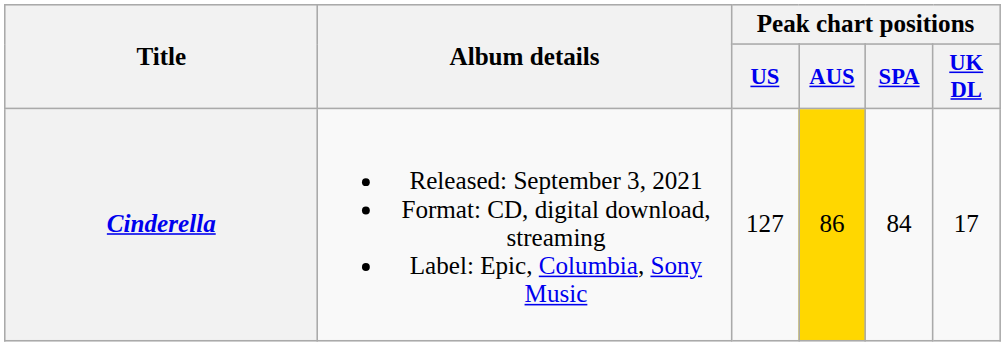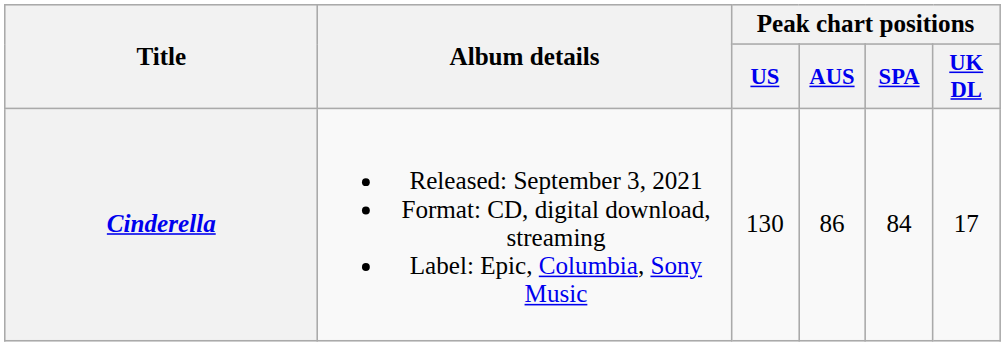 <table class="wikitable plainrowheaders" style="text-align:center;">
 <tr>
 <th scope="col" rowspan="2" style="width:12em;">Title</th>
 <th scope="col" rowspan="2" style="width:16em;">Album details</th>
 <th scope="col" colspan="4">Peak chart positions</th>
 </tr>
 <tr>
 <th scope="col" style="width:2.5em;font-size:90%;"><a href='#'>US</a></th>
 <th scope="col" style="width:2.5em;font-size:90%;"><a href='#'>AUS</a></th>
 <th scope="col" style="width:2.5em;font-size:90%;"><a href='#'>SPA</a></th>
 <th scope="col" style="width:2.5em;font-size:90%;"><a href='#'>UK<br>DL</a><br></th>
 </tr>
 <tr>
 <th scope="row"><em><a href='#'>Cinderella</a></em></th>
 <td><br><ul><li>Released: September 3, 2021</li><li>Format: CD, digital download, streaming</li><li>Label: Epic, <a href='#'>Columbia</a>, <a href='#'>Sony Music</a></li></ul></td>
-<td>127</td>
-<td style="background: gold;">86</td>
+<td>130</td>
+<td>86</td>
 <td>84</td>
 <td>17</td>
 </tr>
 </table>
